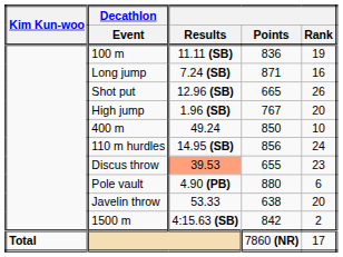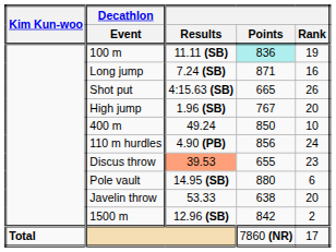 <table class=wikitable style="font-size:90%; border: double;">
 <tr>
 <th style="border-right:double" rowspan="2"><a href='#'>Kim Kun-woo</a></th>
 <th style="border-right:double"><a href='#'>Decathlon</a></th>
 <th colspan="3"></th>
 </tr>
 <tr>
 <th style="border-right:double">Event</th>
 <th>Results</th>
 <th>Points</th>
 <th>Rank</th>
 </tr>
 <tr style="border-top: double;">
 <td style="border-right:double" rowspan="10"></td>
 <td style="border-right:double">100 m</td>
 <td align=center>11.11 <strong>(SB)</strong></td>
-<td align=center>836</td>
+<td align=center style="background: paleturquoise;">836</td>
 <td align=center>19</td>
 </tr>
 <tr>
 <td style="border-right:double">Long jump</td>
 <td align=center>7.24 <strong>(SB)</strong></td>
 <td align=center>871</td>
 <td align=center>16</td>
 </tr>
 <tr>
 <td style="border-right:double">Shot put</td>
-<td align=center>12.96 <strong>(SB)</strong></td>
+<td align=center>4:15.63 <strong>(SB)</strong></td>
 <td align=center>665</td>
 <td align=center>26</td>
 </tr>
 <tr>
 <td style="border-right:double">High jump</td>
 <td align=center>1.96 <strong>(SB)</strong></td>
 <td align=center>767</td>
 <td align=center>20</td>
 </tr>
 <tr>
 <td style="border-right:double">400 m</td>
 <td align=center>49.24</td>
 <td align=center>850</td>
 <td align=center>10</td>
 </tr>
 <tr>
 <td style="border-right:double">110 m hurdles</td>
-<td align=center>14.95 <strong>(SB)</strong></td>
+<td align=center>4.90 <strong>(PB)</strong></td>
 <td align=center>856</td>
 <td align=center>24</td>
 </tr>
 <tr>
 <td style="border-right:double">Discus throw</td>
 <td align=center style="background: lightsalmon;">39.53</td>
 <td align=center>655</td>
 <td align=center>23</td>
 </tr>
 <tr>
 <td style="border-right:double">Pole vault</td>
-<td align=center>4.90 <strong>(PB)</strong></td>
+<td align=center>14.95 <strong>(SB)</strong></td>
 <td align=center>880</td>
 <td align=center>6</td>
 </tr>
 <tr>
 <td style="border-right:double">Javelin throw</td>
 <td align=center>53.33</td>
 <td align=center>638</td>
 <td align=center>20</td>
 </tr>
 <tr>
 <td style="border-right:double">1500 m</td>
-<td align=center>4:15.63 <strong>(SB)</strong></td>
+<td align=center>12.96 <strong>(SB)</strong></td>
 <td align=center>842</td>
 <td align=center>2</td>
 </tr>
 <tr style="border-top: double;">
 <td style="border-right:double"><strong>Total</strong></td>
 <td colspan="2" style="background:wheat; border-right:double;"></td>
 <td align=center>7860 <strong>(NR)</strong></td>
 <td align=center>17</td>
 </tr>
 </table>
